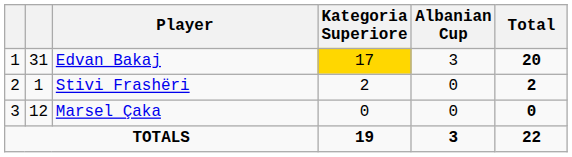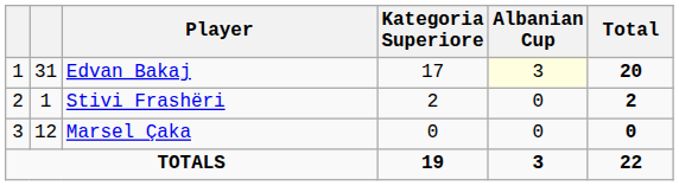 <table class="wikitable sortable" style="font-size: 95%; text-align: center;">
 <tr>
 <th width=10></th>
 <th width=10></th>
 <th width=200>Player</th>
 <th width=50>Kategoria Superiore</th>
 <th width=50>Albanian Cup</th>
 <th width=50>Total</th>
 </tr>
 <tr>
 <td>1</td>
 <td>31</td>
 <td align="left"> <a href='#'>Edvan Bakaj</a></td>
-<td style="background: gold;">17</td>
-<td>3</td>
+<td>17</td>
+<td style="background: lightyellow;">3</td>
 <td><strong>20</strong></td>
 </tr>
 <tr>
 <td>2</td>
 <td>1</td>
 <td align=left> <a href='#'>Stivi Frashëri</a></td>
 <td>2</td>
 <td>0</td>
 <td><strong>2</strong></td>
 </tr>
 <tr>
 <td>3</td>
 <td>12</td>
 <td align=left> <a href='#'>Marsel Çaka</a></td>
 <td>0</td>
 <td>0</td>
 <td><strong>0</strong></td>
 </tr>
 <tr>
 <td colspan="3"><strong>TOTALS</strong></td>
 <td><strong>19</strong></td>
 <td><strong>3</strong></td>
 <td><strong>22</strong></td>
 </tr>
 </table>
